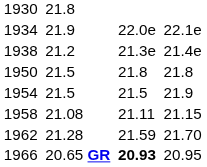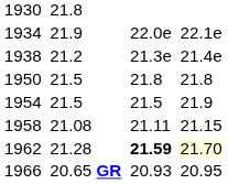 <table>
 <tr>
 <td>1930</td>
 <td></td>
 <td>21.8</td>
 <td></td>
 <td></td>
 <td></td>
 <td></td>
 </tr>
 <tr>
 <td>1934</td>
 <td></td>
 <td>21.9</td>
 <td></td>
 <td>22.0e</td>
 <td></td>
 <td>22.1e</td>
 </tr>
 <tr>
 <td>1938</td>
 <td></td>
 <td>21.2</td>
 <td></td>
 <td>21.3e</td>
 <td></td>
 <td>21.4e</td>
 </tr>
 <tr>
 <td>1950</td>
 <td></td>
 <td>21.5</td>
 <td></td>
 <td>21.8</td>
 <td></td>
 <td>21.8</td>
 </tr>
 <tr>
 <td>1954</td>
 <td></td>
 <td>21.5</td>
 <td></td>
 <td>21.5</td>
 <td></td>
 <td>21.9</td>
 </tr>
 <tr>
 <td>1958</td>
 <td></td>
 <td>21.08</td>
 <td></td>
 <td>21.11</td>
 <td></td>
 <td>21.15</td>
 </tr>
 <tr>
 <td>1962</td>
 <td></td>
 <td>21.28</td>
 <td></td>
-<td>21.59</td>
+<td><strong>21.59</strong></td>
 <td></td>
-<td>21.70</td>
+<td style="background: lightyellow;">21.70</td>
 </tr>
 <tr>
 <td>1966</td>
 <td></td>
 <td>20.65 <strong><a href='#'>GR</a></strong></td>
 <td></td>
-<td><strong>20.93</strong></td>
+<td>20.93</td>
 <td></td>
 <td>20.95</td>
 </tr>
 </table>
